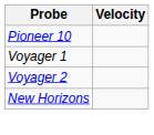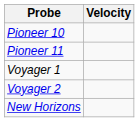 <table class="wikitable floatright">
 <tr>
 <th>Probe</th>
 <th>Velocity </th>
 </tr>
 <tr>
 <td><em><a href='#'>Pioneer 10</a></em></td>
+<td></td>
+</tr>
+<tr>
+<td><em><a href='#'>Pioneer 11</a></em></td>
 <td></td>
 </tr>
 <tr>
 <td><em>Voyager 1</em></td>
 <td></td>
 </tr>
 <tr>
 <td><em><a href='#'>Voyager 2</a></em></td>
 <td></td>
 </tr>
 <tr>
 <td><em><a href='#'>New Horizons</a></em></td>
 <td></td>
 </tr>
 </table>
